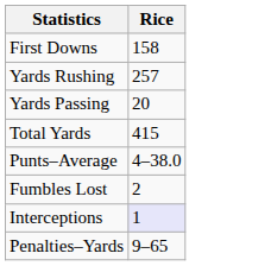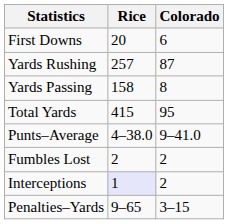 <table class="wikitable">
 <tr>
 <th>Statistics</th>
 <th>Rice</th>
+<th>Colorado</th>
 </tr>
 <tr>
 <td>First Downs</td>
-<td>158</td>
+<td>20</td>
+<td>6</td>
 </tr>
 <tr>
 <td>Yards Rushing</td>
 <td>257</td>
+<td>87</td>
 </tr>
 <tr>
 <td>Yards Passing</td>
-<td>20</td>
+<td>158</td>
+<td>8</td>
 </tr>
 <tr>
 <td>Total Yards</td>
 <td>415</td>
+<td>95</td>
 </tr>
 <tr>
 <td>Punts–Average</td>
 <td>4–38.0</td>
+<td>9–41.0</td>
 </tr>
 <tr>
 <td>Fumbles Lost</td>
+<td>2</td>
 <td>2</td>
 </tr>
 <tr>
 <td>Interceptions</td>
 <td style="background: lavender;">1</td>
+<td>2</td>
 </tr>
 <tr>
 <td>Penalties–Yards</td>
 <td>9–65</td>
+<td>3–15</td>
 </tr>
 </table>
